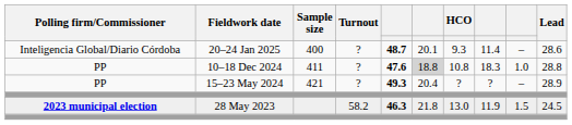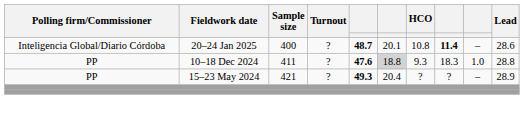 <table class="wikitable collapsible collapsed" style="text-align:center; font-size:95%; line-height:16px;">
 <tr style="height:42px;">
 <th style="width:250px;" rowspan="2">Polling firm/Commissioner</th>
 <th style="width:125px;" rowspan="2">Fieldwork date</th>
 <th style="width:50px;" rowspan="2">Sample size</th>
 <th style="width:45px;" rowspan="2">Turnout</th>
 <th style="width:35px;"></th>
 <th style="width:35px;"></th>
 <th style="width:35px;">HCO</th>
 <th style="width:35px;"></th>
 <th style="width:35px;"></th>
 <th style="width:30px;" rowspan="2">Lead</th>
 </tr>
 <tr>
 <th style="color:inherit;background:"></th>
 <th style="color:inherit;background:"></th>
 <th style="color:inherit;background:"></th>
 <th style="color:inherit;background:"></th>
 <th style="color:inherit;background:"></th>
 </tr>
 <tr>
 <td>Inteligencia Global/Diario Córdoba</td>
 <td>20–24 Jan 2025</td>
 <td>400</td>
 <td>?</td>
 <td><strong>48.7</strong><br></td>
 <td>20.1<br></td>
-<td>9.3<br></td>
-<td>11.4<br></td>
+<td>10.8<br></td>
+<td><strong>11.4<br></strong></td>
 <td>–</td>
 <td style="background:">28.6</td>
 </tr>
 <tr>
 <td>PP</td>
 <td>10–18 Dec 2024</td>
 <td>411</td>
 <td>?</td>
 <td><strong>47.6</strong><br></td>
 <td style="background: lightgrey;">18.8<br></td>
-<td>10.8<br></td>
+<td>9.3<br></td>
 <td>18.3<br></td>
 <td>1.0<br></td>
 <td style="background:">28.8</td>
 </tr>
 <tr>
 <td>PP</td>
 <td>15–23 May 2024</td>
 <td>421</td>
 <td>?</td>
 <td><strong>49.3</strong><br></td>
 <td>20.4<br></td>
 <td>?<br></td>
 <td>?<br></td>
 <td>–</td>
 <td style="background:">28.9</td>
 </tr>
 <tr>
 <td colspan="10" style="background:#A0A0A0"></td>
 </tr>
-<tr style="background:#EFEFEF;">
-<td><strong><a href='#'>2023 municipal election</a></strong></td>
-<td>28 May 2023</td>
-<td></td>
-<td>58.2</td>
-<td><strong>46.3</strong><br></td>
-<td>21.8<br></td>
-<td>13.0<br></td>
-<td>11.9<br></td>
-<td>1.5<br></td>
-<td style="background:">24.5</td>
-</tr>
 <tr>
 <td colspan="10" style="background:#A0A0A0"></td>
 </tr>
 </table>
